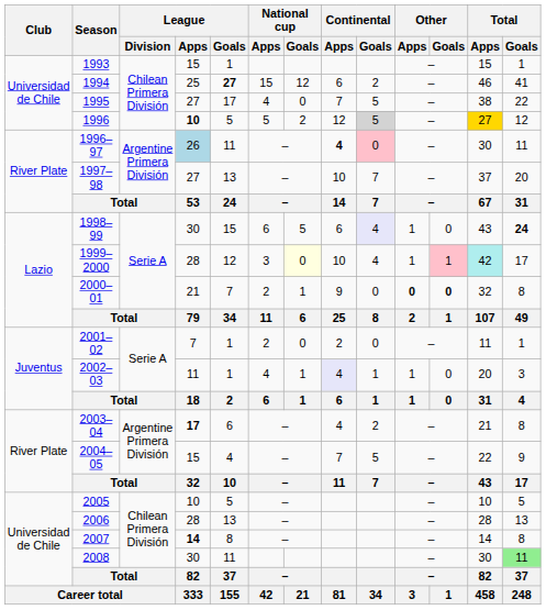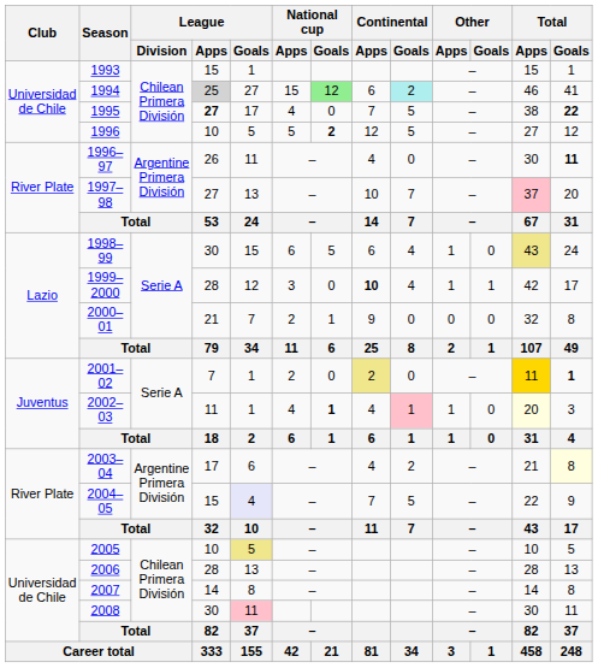 <table class=wikitable style="text-align:center">
 <tr>
 <th rowspan=2>Club</th>
 <th rowspan=2>Season</th>
 <th colspan=3>League</th>
 <th colspan=2>National cup</th>
 <th colspan=2>Continental</th>
 <th colspan=2>Other</th>
 <th colspan=2>Total</th>
 </tr>
 <tr>
 <th>Division</th>
 <th>Apps</th>
 <th>Goals</th>
 <th>Apps</th>
 <th>Goals</th>
 <th>Apps</th>
 <th>Goals</th>
 <th>Apps</th>
 <th>Goals</th>
 <th>Apps</th>
 <th>Goals</th>
 </tr>
 <tr>
 <td rowspan="4"><a href='#'>Universidad de Chile</a></td>
 <td><a href='#'>1993</a></td>
 <td rowspan="4"><a href='#'>Chilean Primera División</a></td>
 <td>15</td>
 <td>1</td>
 <td></td>
 <td></td>
 <td></td>
 <td></td>
 <td colspan="2">–</td>
 <td>15</td>
 <td>1</td>
 </tr>
 <tr>
 <td><a href='#'>1994</a></td>
-<td>25</td>
-<td><strong>27</strong></td>
+<td style="background: lightgrey;">25</td>
+<td>27</td>
 <td>15</td>
-<td>12</td>
+<td style="background: lightgreen;">12</td>
 <td>6</td>
-<td>2</td>
+<td style="background: paleturquoise;">2</td>
 <td colspan="2">–</td>
 <td>46</td>
 <td>41</td>
 </tr>
 <tr>
 <td><a href='#'>1995</a></td>
-<td>27</td>
+<td><strong>27</strong></td>
 <td>17</td>
 <td>4</td>
 <td>0</td>
 <td>7</td>
 <td>5</td>
 <td colspan="2">–</td>
 <td>38</td>
-<td>22</td>
+<td><strong>22</strong></td>
 </tr>
 <tr>
 <td><a href='#'>1996</a></td>
-<td><strong>10</strong></td>
+<td>10</td>
 <td>5</td>
 <td>5</td>
-<td>2</td>
+<td><strong>2</strong></td>
 <td>12</td>
-<td style="background: lightgrey;">5</td>
+<td>5</td>
 <td colspan="2">–</td>
-<td style="background: gold;">27</td>
+<td>27</td>
 <td>12</td>
 </tr>
 <tr>
 <td rowspan="3"><a href='#'>River Plate</a></td>
 <td><a href='#'>1996–97</a></td>
 <td rowspan="2"><a href='#'>Argentine Primera División</a></td>
-<td style="background: lightblue;">26</td>
+<td>26</td>
 <td>11</td>
 <td colspan="2">–</td>
-<td><strong>4</strong></td>
-<td style="background: pink;">0</td>
+<td>4</td>
+<td>0</td>
 <td colspan="2">–</td>
 <td>30</td>
-<td>11</td>
+<td><strong>11</strong></td>
 </tr>
 <tr>
 <td><a href='#'>1997–98</a></td>
 <td>27</td>
 <td>13</td>
 <td colspan="2">–</td>
 <td>10</td>
 <td>7</td>
 <td colspan="2">–</td>
-<td>37</td>
+<td style="background: pink;">37</td>
 <td>20</td>
 </tr>
 <tr>
 <th colspan="2">Total</th>
 <th>53</th>
 <th>24</th>
 <th colspan="2">–</th>
 <th>14</th>
 <th>7</th>
 <th colspan="2">–</th>
 <th>67</th>
 <th>31</th>
 </tr>
 <tr>
 <td rowspan="4"><a href='#'>Lazio</a></td>
 <td><a href='#'>1998–99</a></td>
 <td rowspan="3"><a href='#'>Serie A</a></td>
 <td>30</td>
 <td>15</td>
 <td>6</td>
 <td>5</td>
 <td>6</td>
-<td style="background: lavender;">4</td>
+<td>4</td>
 <td>1</td>
 <td>0</td>
-<td>43</td>
-<td><strong>24</strong></td>
+<td style="background: khaki;">43</td>
+<td>24</td>
 </tr>
 <tr>
 <td><a href='#'>1999–2000</a></td>
 <td>28</td>
 <td>12</td>
 <td>3</td>
-<td style="background: lightyellow;">0</td>
-<td>10</td>
+<td>0</td>
+<td><strong>10</strong></td>
 <td>4</td>
 <td>1</td>
-<td style="background: pink;">1</td>
-<td style="background: paleturquoise;">42</td>
+<td>1</td>
+<td>42</td>
 <td>17</td>
 </tr>
 <tr>
 <td><a href='#'>2000–01</a></td>
 <td>21</td>
 <td>7</td>
 <td>2</td>
 <td>1</td>
 <td>9</td>
 <td>0</td>
-<td><strong>0</strong></td>
-<td><strong>0</strong></td>
+<td>0</td>
+<td>0</td>
 <td>32</td>
 <td>8</td>
 </tr>
 <tr>
 <th colspan="2">Total</th>
 <th>79</th>
 <th>34</th>
 <th>11</th>
 <th>6</th>
 <th>25</th>
 <th>8</th>
 <th>2</th>
 <th>1</th>
 <th>107</th>
 <th>49</th>
 </tr>
 <tr>
 <td rowspan="3"><a href='#'>Juventus</a></td>
 <td><a href='#'>2001–02</a></td>
 <td rowspan="2">Serie A</td>
 <td>7</td>
 <td>1</td>
 <td>2</td>
 <td>0</td>
-<td>2</td>
+<td style="background: khaki;">2</td>
 <td>0</td>
 <td colspan="2">–</td>
-<td>11</td>
-<td>1</td>
+<td style="background: gold;">11</td>
+<td><strong>1</strong></td>
 </tr>
 <tr>
 <td><a href='#'>2002–03</a></td>
 <td>11</td>
 <td>1</td>
 <td>4</td>
-<td>1</td>
-<td style="background: lavender;">4</td>
-<td>1</td>
+<td><strong>1</strong></td>
+<td>4</td>
+<td style="background: pink;">1</td>
 <td>1</td>
 <td>0</td>
-<td>20</td>
+<td style="background: lightyellow;">20</td>
 <td>3</td>
 </tr>
 <tr>
 <th colspan="2">Total</th>
 <th>18</th>
 <th>2</th>
 <th>6</th>
 <th>1</th>
 <th>6</th>
 <th>1</th>
 <th>1</th>
 <th>0</th>
 <th>31</th>
 <th>4</th>
 </tr>
 <tr>
 <td rowspan="3">River Plate</td>
 <td><a href='#'>2003–04</a></td>
 <td rowspan="2">Argentine Primera División</td>
-<td><strong>17</strong></td>
+<td>17</td>
 <td>6</td>
 <td colspan="2">–</td>
 <td>4</td>
 <td>2</td>
 <td colspan="2">–</td>
 <td>21</td>
-<td>8</td>
+<td style="background: lightyellow;">8</td>
 </tr>
 <tr>
 <td><a href='#'>2004–05</a></td>
 <td>15</td>
-<td>4</td>
+<td style="background: lavender;">4</td>
 <td colspan="2">–</td>
 <td>7</td>
 <td>5</td>
 <td colspan="2">–</td>
 <td>22</td>
 <td>9</td>
 </tr>
 <tr>
 <th colspan="2">Total</th>
 <th>32</th>
 <th>10</th>
 <th colspan="2">–</th>
 <th>11</th>
 <th>7</th>
 <th colspan="2">–</th>
 <th>43</th>
 <th>17</th>
 </tr>
 <tr>
 <td rowspan="5">Universidad de Chile</td>
 <td><a href='#'>2005</a></td>
 <td rowspan="4">Chilean Primera División</td>
 <td>10</td>
-<td>5</td>
+<td style="background: khaki;">5</td>
 <td colspan="2">–</td>
 <td></td>
 <td></td>
 <td colspan="2">–</td>
 <td>10</td>
 <td>5</td>
 </tr>
 <tr>
 <td><a href='#'>2006</a></td>
 <td>28</td>
 <td>13</td>
 <td colspan="2">–</td>
 <td></td>
 <td></td>
 <td colspan="2">–</td>
 <td>28</td>
 <td>13</td>
 </tr>
 <tr>
 <td><a href='#'>2007</a></td>
-<td><strong>14</strong></td>
+<td>14</td>
 <td>8</td>
 <td colspan="2">–</td>
 <td></td>
 <td></td>
 <td colspan="2">–</td>
 <td>14</td>
 <td>8</td>
 </tr>
 <tr>
 <td><a href='#'>2008</a></td>
 <td>30</td>
-<td>11</td>
+<td style="background: pink;">11</td>
 <td></td>
 <td></td>
 <td></td>
 <td></td>
 <td colspan="2">–</td>
 <td>30</td>
-<td style="background: lightgreen;">11</td>
+<td>11</td>
 </tr>
 <tr>
 <th colspan="2">Total</th>
 <th>82</th>
 <th>37</th>
 <th colspan="2">–</th>
 <th></th>
 <th></th>
 <th colspan="2">–</th>
 <th>82</th>
 <th>37</th>
 </tr>
 <tr>
 <th colspan="3">Career total</th>
 <th>333</th>
 <th>155</th>
 <th>42</th>
 <th>21</th>
 <th>81</th>
 <th>34</th>
 <th>3</th>
 <th>1</th>
 <th>458</th>
 <th>248</th>
 </tr>
 </table>
